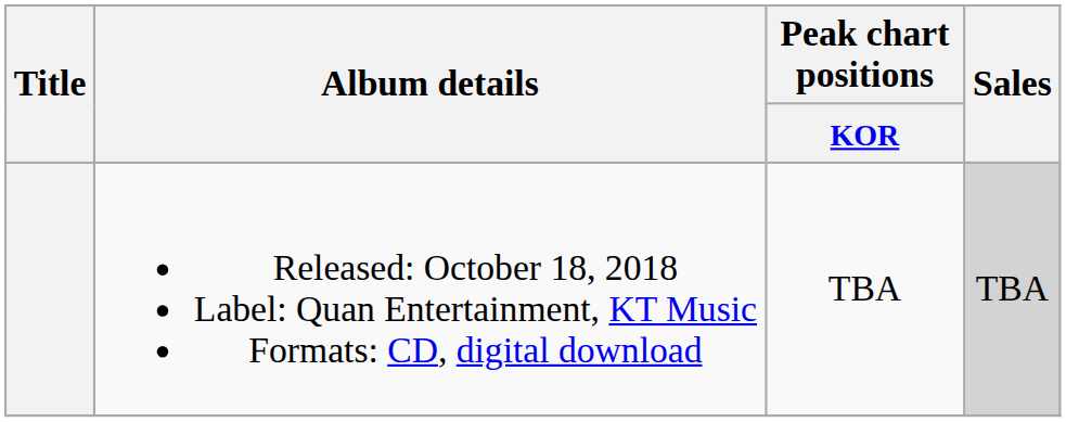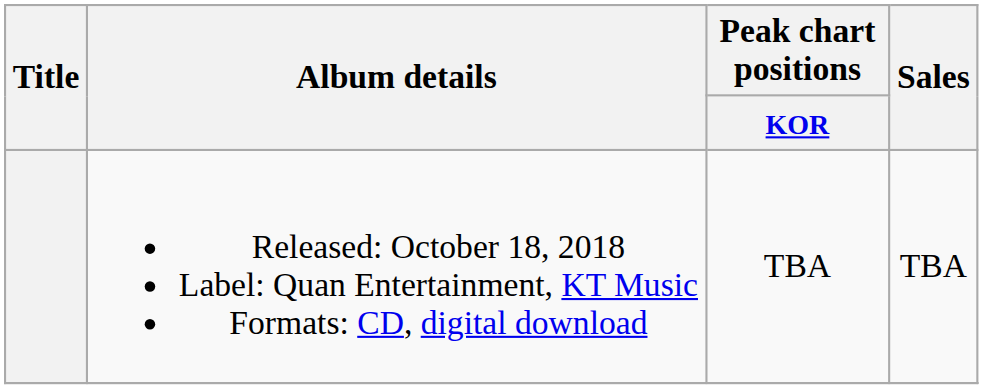 <table class="wikitable plainrowheaders" style="text-align:center;">
 <tr>
 <th scope="col" rowspan="2">Title</th>
 <th scope="col" rowspan="2">Album details</th>
 <th scope="col" colspan="1" style="width:5em;">Peak chart positions</th>
 <th scope="col" rowspan="2">Sales</th>
 </tr>
 <tr>
 <th><small><a href='#'>KOR</a></small><br></th>
 </tr>
 <tr>
 <th scope="row"><em></em></th>
 <td><br><ul><li>Released: October 18, 2018</li><li>Label: Quan Entertainment, <a href='#'>KT Music</a></li><li>Formats: <a href='#'>CD</a>, <a href='#'>digital download</a></li></ul></td>
 <td>TBA</td>
-<td style="background: lightgrey;">TBA</td>
+<td>TBA</td>
 </tr>
 <tr>
 </tr>
 </table>
